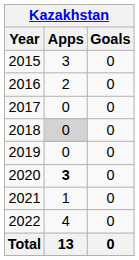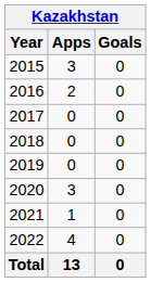 <table class="wikitable" style="text-align:center">
 <tr>
 <th colspan=3><a href='#'>Kazakhstan</a></th>
 </tr>
 <tr>
 <th>Year</th>
 <th>Apps</th>
 <th>Goals</th>
 </tr>
 <tr>
 <td>2015</td>
 <td>3</td>
 <td>0</td>
 </tr>
 <tr>
 <td>2016</td>
 <td>2</td>
 <td>0</td>
 </tr>
 <tr>
 <td>2017</td>
 <td>0</td>
 <td>0</td>
 </tr>
 <tr>
 <td>2018</td>
-<td style="background: lightgrey;">0</td>
+<td>0</td>
 <td>0</td>
 </tr>
 <tr>
 <td>2019</td>
 <td>0</td>
 <td>0</td>
 </tr>
 <tr>
 <td>2020</td>
-<td><strong>3</strong></td>
+<td>3</td>
 <td>0</td>
 </tr>
 <tr>
 <td>2021</td>
 <td>1</td>
 <td>0</td>
 </tr>
 <tr>
 <td>2022</td>
 <td>4</td>
 <td>0</td>
 </tr>
 <tr>
 <th>Total</th>
 <th>13</th>
 <th>0</th>
 </tr>
 </table>
